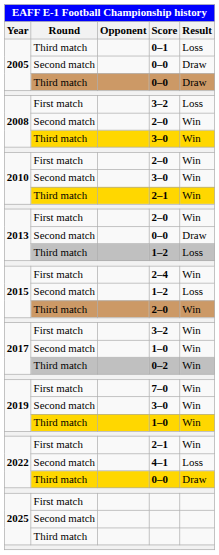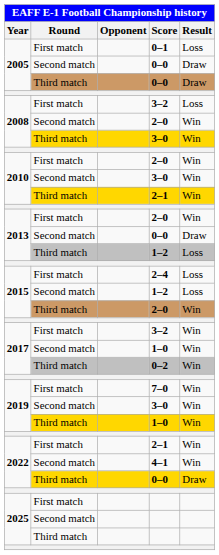 <table class="wikitable collapsible ">
 <tr>
 <th colspan="5"style="background:blue;color:white">EAFF E-1 Football Championship history</th>
 </tr>
 <tr>
 <th>Year</th>
 <th>Round</th>
 <th>Opponent</th>
 <th>Score</th>
 <th>Result</th>
 </tr>
 <tr>
 <td rowspan="3"><strong>2005</strong></td>
-<td>Third match</td>
+<td>First match</td>
 <td align=left></td>
 <td><strong>0–1</strong></td>
 <td>Loss</td>
 </tr>
 <tr>
 <td>Second match</td>
 <td align=left></td>
 <td><strong>0–0</strong></td>
 <td>Draw</td>
 </tr>
 <tr style="background:#c96">
 <td>Third match</td>
 <td align=left></td>
 <td><strong>0–0</strong></td>
 <td>Draw</td>
 </tr>
 <tr>
 <th colspan="5"></th>
 </tr>
 <tr>
 <td rowspan="3"><strong>2008</strong></td>
 <td>First match</td>
 <td align=left></td>
 <td><strong>3–2</strong></td>
 <td>Loss</td>
 </tr>
 <tr>
 <td>Second match</td>
 <td align=left></td>
 <td><strong>2–0</strong></td>
 <td>Win</td>
 </tr>
 <tr style="background:gold">
 <td>Third match</td>
 <td align=left></td>
 <td><strong>3–0</strong></td>
 <td>Win</td>
 </tr>
 <tr>
 <th colspan="5"></th>
 </tr>
 <tr>
 <td rowspan="3"><strong>2010</strong></td>
 <td>First match</td>
 <td align=left></td>
 <td><strong>2–0</strong></td>
 <td>Win</td>
 </tr>
 <tr>
 <td>Second match</td>
 <td align=left></td>
 <td><strong>3–0</strong></td>
 <td>Win</td>
 </tr>
 <tr style="background:gold">
 <td>Third match</td>
 <td align=left></td>
 <td><strong>2–1</strong></td>
 <td>Win</td>
 </tr>
 <tr>
 <th colspan="5"></th>
 </tr>
 <tr>
 <td rowspan="3"><strong>2013</strong></td>
 <td>First match</td>
 <td align=left></td>
 <td><strong>2–0</strong></td>
 <td>Win</td>
 </tr>
 <tr>
 <td>Second match</td>
 <td align=left></td>
 <td><strong>0–0</strong></td>
 <td>Draw</td>
 </tr>
 <tr style="background:silver">
 <td>Third match</td>
 <td align=left></td>
 <td><strong>1–2</strong></td>
 <td>Loss</td>
 </tr>
 <tr>
 <th colspan="5"></th>
 </tr>
 <tr>
 <td rowspan="3"><strong>2015</strong></td>
 <td>First match</td>
 <td align=left></td>
 <td><strong>2–4</strong></td>
-<td>Win</td>
+<td>Loss</td>
 </tr>
 <tr>
 <td>Second match</td>
 <td align=left></td>
 <td><strong>1–2</strong></td>
 <td>Loss</td>
 </tr>
 <tr style="background:#c96">
 <td>Third match</td>
 <td align=left></td>
 <td><strong>2–0</strong></td>
 <td>Win</td>
 </tr>
 <tr>
 <th colspan="5"></th>
 </tr>
 <tr>
 <td rowspan="3"><strong>2017</strong></td>
 <td>First match</td>
 <td align=left></td>
 <td><strong>3–2</strong></td>
 <td>Win</td>
 </tr>
 <tr>
 <td>Second match</td>
 <td align=left></td>
 <td><strong>1–0</strong></td>
 <td>Win</td>
 </tr>
 <tr style="background:silver">
 <td>Third match</td>
 <td align=left></td>
 <td><strong>0–2</strong></td>
 <td>Win</td>
 </tr>
 <tr>
 <th colspan="5"></th>
 </tr>
 <tr>
 <td rowspan="3"><strong>2019</strong></td>
 <td>First match</td>
 <td align=left></td>
 <td><strong>7–0</strong></td>
 <td>Win</td>
 </tr>
 <tr>
 <td>Second match</td>
 <td align=left></td>
 <td><strong>3–0</strong></td>
 <td>Win</td>
 </tr>
 <tr style="background:gold">
 <td>Third match</td>
 <td align=left></td>
 <td><strong>1–0</strong></td>
 <td>Win</td>
 </tr>
 <tr>
 <th colspan="5"></th>
 </tr>
 <tr>
 <td rowspan="3"><strong>2022</strong></td>
 <td>First match</td>
 <td align=left></td>
 <td><strong>2–1</strong></td>
 <td>Win</td>
 </tr>
 <tr>
 <td>Second match</td>
 <td align=left></td>
 <td><strong>4–1</strong></td>
-<td>Loss</td>
+<td>Win</td>
 </tr>
 <tr style="background:gold">
 <td>Third match</td>
 <td align=left></td>
 <td><strong>0–0</strong></td>
 <td>Draw</td>
 </tr>
 <tr>
 <th colspan="5"></th>
 </tr>
 <tr>
 <td rowspan="3"><strong>2025</strong></td>
 <td>First match</td>
 <td align=left></td>
 <td><strong> </strong></td>
 <td></td>
 </tr>
 <tr>
 <td>Second match</td>
 <td align=left></td>
 <td><strong> </strong></td>
 <td></td>
 </tr>
 <tr>
 <td>Third match</td>
 <td align=left></td>
 <td><strong> </strong></td>
 <td></td>
 </tr>
 <tr>
 <th colspan="5"></th>
 </tr>
 </table>
